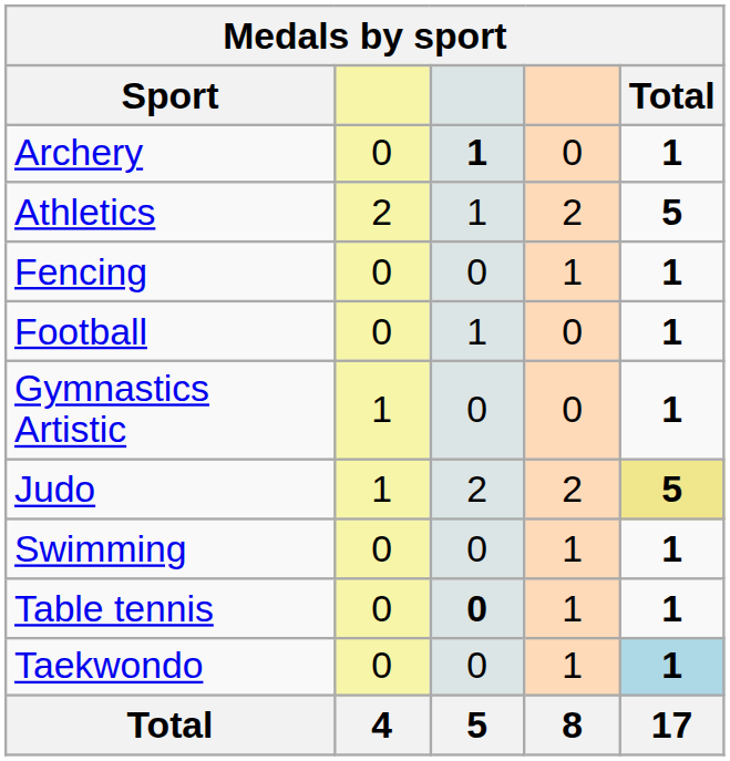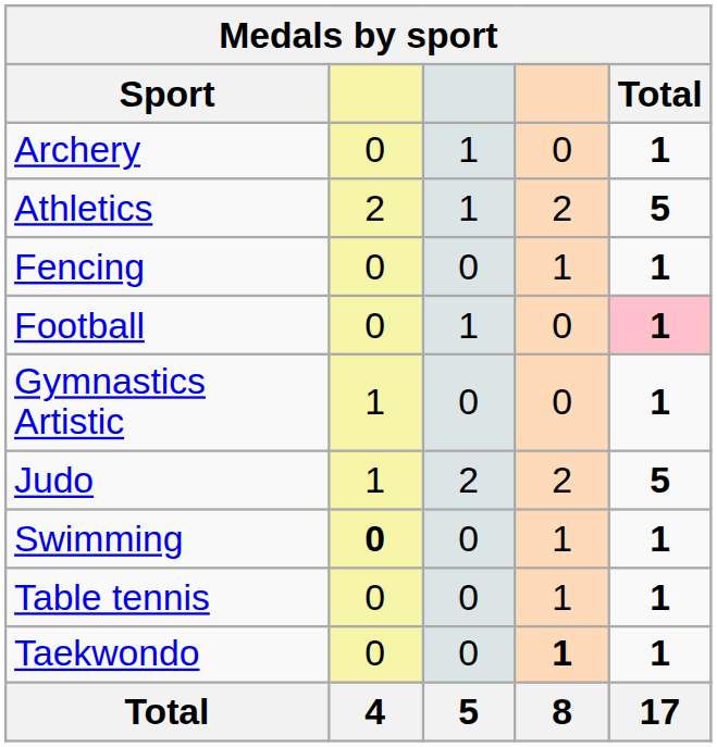 <table class="wikitable" style="font-size:90%; text-align:center;">
 <tr>
 <th colspan=5>Medals by sport</th>
 </tr>
 <tr>
 <th width=120>Sport</th>
 <th scope="col" width=30 style="background:#F7F6A8;"></th>
 <th scope="col" width=30 style="background:#DCE5E5;"></th>
 <th scope="col" width=30 style="background:#FFDAB9;"></th>
 <th width=30>Total</th>
 </tr>
 <tr>
 <td align=left><a href='#'>Archery</a></td>
 <td style="background:#F7F6A8;">0</td>
-<td style="background:#DCE5E5;"><strong>1</strong></td>
+<td style="background:#DCE5E5;">1</td>
 <td style="background:#FFDAB9;">0</td>
 <td><strong>1</strong></td>
 </tr>
 <tr>
 <td align=left><a href='#'>Athletics</a></td>
 <td style="background:#F7F6A8;">2</td>
 <td style="background:#DCE5E5;">1</td>
 <td style="background:#FFDAB9;">2</td>
 <td><strong>5</strong></td>
 </tr>
 <tr>
 <td align=left><a href='#'>Fencing</a></td>
 <td style="background:#F7F6A8;">0</td>
 <td style="background:#DCE5E5;">0</td>
 <td style="background:#FFDAB9;">1</td>
 <td><strong>1</strong></td>
 </tr>
 <tr>
 <td align=left><a href='#'>Football</a></td>
 <td style="background:#F7F6A8;">0</td>
 <td style="background:#DCE5E5;">1</td>
 <td style="background:#FFDAB9;">0</td>
-<td><strong>1</strong></td>
+<td style="background: pink;"><strong>1</strong></td>
 </tr>
 <tr>
 <td align=left><a href='#'>Gymnastics Artistic</a></td>
 <td style="background:#F7F6A8;">1</td>
 <td style="background:#DCE5E5;">0</td>
 <td style="background:#FFDAB9;">0</td>
 <td><strong>1</strong></td>
 </tr>
 <tr>
 <td align=left><a href='#'>Judo</a></td>
 <td style="background:#F7F6A8;">1</td>
 <td style="background:#DCE5E5;">2</td>
 <td style="background:#FFDAB9;">2</td>
-<td style="background: khaki;"><strong>5</strong></td>
+<td><strong>5</strong></td>
 </tr>
 <tr>
 <td align=left><a href='#'>Swimming</a></td>
-<td style="background:#F7F6A8;">0</td>
+<td style="background:#F7F6A8;"><strong>0</strong></td>
 <td style="background:#DCE5E5;">0</td>
 <td style="background:#FFDAB9;">1</td>
 <td><strong>1</strong></td>
 </tr>
 <tr>
 <td align=left><a href='#'>Table tennis</a></td>
 <td style="background:#F7F6A8;">0</td>
-<td style="background:#DCE5E5;"><strong>0</strong></td>
+<td style="background:#DCE5E5;">0</td>
 <td style="background:#FFDAB9;">1</td>
 <td><strong>1</strong></td>
 </tr>
 <tr>
 <td align=left><a href='#'>Taekwondo</a></td>
 <td style="background:#F7F6A8;">0</td>
 <td style="background:#DCE5E5;">0</td>
-<td style="background:#FFDAB9;">1</td>
-<td style="background: lightblue;"><strong>1</strong></td>
+<td style="background:#FFDAB9;"><strong>1</strong></td>
+<td><strong>1</strong></td>
 </tr>
 <tr class="sortbottom">
 <th>Total</th>
 <th>4</th>
 <th>5</th>
 <th>8</th>
 <th>17</th>
 </tr>
 </table>
